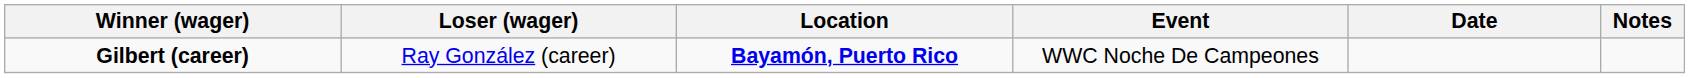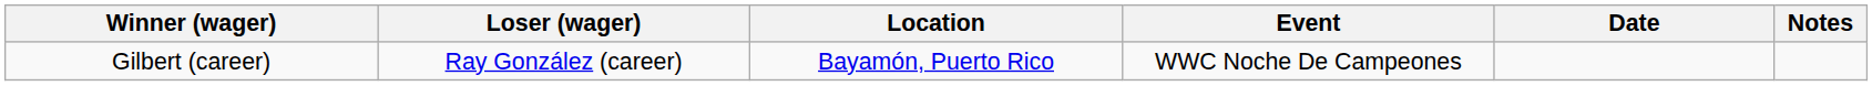 <table class="wikitable sortable" width=100%  style="text-align: center">
 <tr>
 <th width=20% scope="col">Winner (wager)</th>
 <th width=20% scope="col">Loser (wager)</th>
 <th width=20% scope="col">Location</th>
 <th width=20% scope="col">Event</th>
 <th width=15% scope="col">Date</th>
 <th class="unsortable" width=5% scope="col">Notes</th>
 </tr>
 <tr>
-<td><strong>Gilbert (career)</strong></td>
+<td>Gilbert (career)</td>
 <td><a href='#'>Ray González</a> (career)</td>
-<td><strong><a href='#'>Bayamón, Puerto Rico</a></strong></td>
+<td><a href='#'>Bayamón, Puerto Rico</a></td>
 <td>WWC Noche De Campeones</td>
 <td></td>
 <td></td>
 </tr>
 </table>
